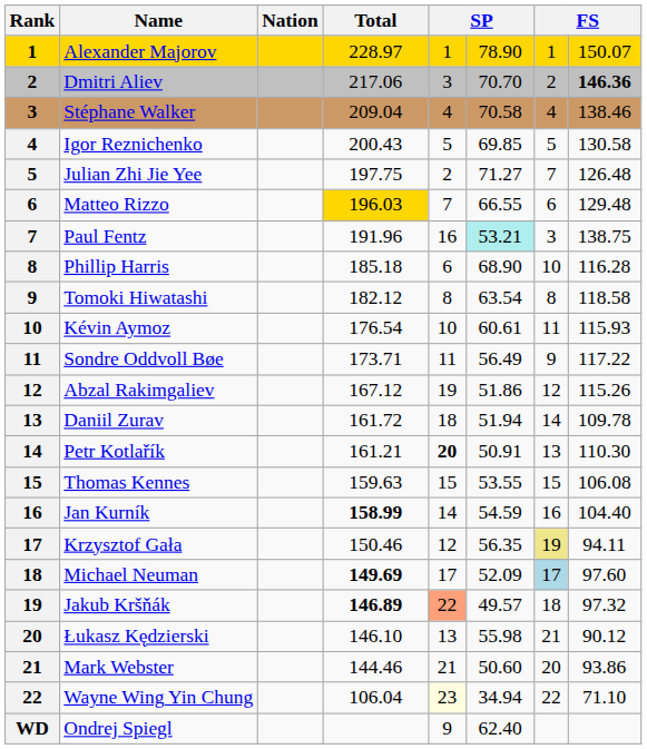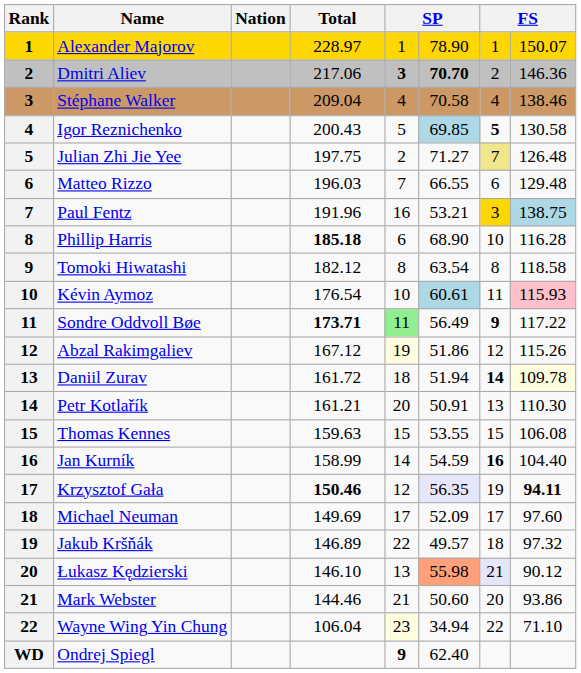 <table class="wikitable sortable">
 <tr>
 <th>Rank</th>
 <th>Name</th>
 <th>Nation</th>
 <th width="80px">Total</th>
 <th colspan="2" width="80px"><a href='#'>SP</a></th>
 <th colspan="2" width="80px"><a href='#'>FS</a></th>
 </tr>
 <tr bgcolor="gold">
 <td align="center"><strong>1</strong></td>
 <td><a href='#'>Alexander Majorov</a></td>
 <td></td>
 <td align="center">228.97</td>
 <td align="center">1</td>
 <td align="center">78.90</td>
 <td align="center">1</td>
 <td align="center">150.07</td>
 </tr>
 <tr bgcolor="silver">
 <td align="center"><strong>2</strong></td>
 <td><a href='#'>Dmitri Aliev</a></td>
 <td></td>
 <td align="center">217.06</td>
-<td align="center">3</td>
-<td align="center">70.70</td>
+<td align="center"><strong>3</strong></td>
+<td align="center"><strong>70.70</strong></td>
 <td align="center">2</td>
-<td align="center"><strong>146.36</strong></td>
+<td align="center">146.36</td>
 </tr>
 <tr bgcolor="cc9966">
 <td align="center"><strong>3</strong></td>
 <td><a href='#'>Stéphane Walker</a></td>
 <td></td>
 <td align="center">209.04</td>
 <td align="center">4</td>
 <td align="center">70.58</td>
 <td align="center">4</td>
 <td align="center">138.46</td>
 </tr>
 <tr>
 <th>4</th>
 <td><a href='#'>Igor Reznichenko</a></td>
 <td></td>
 <td align="center">200.43</td>
 <td align="center">5</td>
-<td align="center">69.85</td>
-<td align="center">5</td>
+<td align="center" style="background: lightblue;">69.85</td>
+<td align="center"><strong>5</strong></td>
 <td align="center">130.58</td>
 </tr>
 <tr>
 <th>5</th>
 <td><a href='#'>Julian Zhi Jie Yee</a></td>
 <td></td>
 <td align="center">197.75</td>
 <td align="center">2</td>
 <td align="center">71.27</td>
-<td align="center">7</td>
+<td align="center" style="background: khaki;">7</td>
 <td align="center">126.48</td>
 </tr>
 <tr>
 <th>6</th>
 <td><a href='#'>Matteo Rizzo</a></td>
 <td></td>
-<td align="center" style="background: gold;">196.03</td>
+<td align="center">196.03</td>
 <td align="center">7</td>
 <td align="center">66.55</td>
 <td align="center">6</td>
 <td align="center">129.48</td>
 </tr>
 <tr>
 <th>7</th>
 <td><a href='#'>Paul Fentz</a></td>
 <td></td>
 <td align="center">191.96</td>
 <td align="center">16</td>
-<td align="center" style="background: paleturquoise;">53.21</td>
-<td align="center">3</td>
-<td align="center">138.75</td>
+<td align="center">53.21</td>
+<td align="center" style="background: gold;">3</td>
+<td align="center" style="background: lightblue;">138.75</td>
 </tr>
 <tr>
 <th>8</th>
 <td><a href='#'>Phillip Harris</a></td>
 <td></td>
-<td align="center">185.18</td>
+<td align="center"><strong>185.18</strong></td>
 <td align="center">6</td>
 <td align="center">68.90</td>
 <td align="center">10</td>
 <td align="center">116.28</td>
 </tr>
 <tr>
 <th>9</th>
 <td><a href='#'>Tomoki Hiwatashi</a></td>
 <td></td>
 <td align="center">182.12</td>
 <td align="center">8</td>
 <td align="center">63.54</td>
 <td align="center">8</td>
 <td align="center">118.58</td>
 </tr>
 <tr>
 <th>10</th>
 <td><a href='#'>Kévin Aymoz</a></td>
 <td></td>
 <td align="center">176.54</td>
 <td align="center">10</td>
-<td align="center">60.61</td>
+<td align="center" style="background: lightblue;">60.61</td>
 <td align="center">11</td>
-<td align="center">115.93</td>
+<td align="center" style="background: pink;">115.93</td>
 </tr>
 <tr>
 <th>11</th>
 <td><a href='#'>Sondre Oddvoll Bøe</a></td>
 <td></td>
-<td align="center">173.71</td>
-<td align="center">11</td>
+<td align="center"><strong>173.71</strong></td>
+<td align="center" style="background: lightgreen;">11</td>
 <td align="center">56.49</td>
-<td align="center">9</td>
+<td align="center"><strong>9</strong></td>
 <td align="center">117.22</td>
 </tr>
 <tr>
 <th>12</th>
 <td><a href='#'>Abzal Rakimgaliev</a></td>
 <td></td>
 <td align="center">167.12</td>
-<td align="center">19</td>
+<td align="center" style="background: lightyellow;">19</td>
 <td align="center">51.86</td>
 <td align="center">12</td>
 <td align="center">115.26</td>
 </tr>
 <tr>
 <th>13</th>
 <td><a href='#'>Daniil Zurav</a></td>
 <td></td>
 <td align="center">161.72</td>
 <td align="center">18</td>
 <td align="center">51.94</td>
-<td align="center">14</td>
-<td align="center">109.78</td>
+<td align="center"><strong>14</strong></td>
+<td align="center" style="background: lightyellow;">109.78</td>
 </tr>
 <tr>
 <th>14</th>
 <td><a href='#'>Petr Kotlařík</a></td>
 <td></td>
 <td align="center">161.21</td>
-<td align="center"><strong>20</strong></td>
+<td align="center">20</td>
 <td align="center">50.91</td>
 <td align="center">13</td>
 <td align="center">110.30</td>
 </tr>
 <tr>
 <th>15</th>
 <td><a href='#'>Thomas Kennes</a></td>
 <td></td>
 <td align="center">159.63</td>
 <td align="center">15</td>
 <td align="center">53.55</td>
 <td align="center">15</td>
 <td align="center">106.08</td>
 </tr>
 <tr>
 <th>16</th>
 <td><a href='#'>Jan Kurník</a></td>
 <td></td>
-<td align="center"><strong>158.99</strong></td>
+<td align="center">158.99</td>
 <td align="center">14</td>
 <td align="center">54.59</td>
-<td align="center">16</td>
+<td align="center"><strong>16</strong></td>
 <td align="center">104.40</td>
 </tr>
 <tr>
 <th>17</th>
 <td><a href='#'>Krzysztof Gała</a></td>
 <td></td>
-<td align="center">150.46</td>
+<td align="center"><strong>150.46</strong></td>
 <td align="center">12</td>
-<td align="center">56.35</td>
-<td align="center" style="background: khaki;">19</td>
-<td align="center">94.11</td>
+<td align="center" style="background: lavender;">56.35</td>
+<td align="center">19</td>
+<td align="center"><strong>94.11</strong></td>
 </tr>
 <tr>
 <th>18</th>
 <td><a href='#'>Michael Neuman</a></td>
 <td></td>
-<td align="center"><strong>149.69</strong></td>
+<td align="center">149.69</td>
 <td align="center">17</td>
 <td align="center">52.09</td>
-<td align="center" style="background: lightblue;">17</td>
+<td align="center">17</td>
 <td align="center">97.60</td>
 </tr>
 <tr>
 <th>19</th>
 <td><a href='#'>Jakub Kršňák</a></td>
 <td></td>
-<td align="center"><strong>146.89</strong></td>
-<td align="center" style="background: lightsalmon;">22</td>
+<td align="center">146.89</td>
+<td align="center">22</td>
 <td align="center">49.57</td>
 <td align="center">18</td>
 <td align="center">97.32</td>
 </tr>
 <tr>
 <th>20</th>
 <td><a href='#'>Łukasz Kędzierski</a></td>
 <td></td>
 <td align="center">146.10</td>
 <td align="center">13</td>
-<td align="center">55.98</td>
-<td align="center">21</td>
+<td align="center" style="background: lightsalmon;">55.98</td>
+<td align="center" style="background: lavender;">21</td>
 <td align="center">90.12</td>
 </tr>
 <tr>
 <th>21</th>
 <td><a href='#'>Mark Webster</a></td>
 <td></td>
 <td align="center">144.46</td>
 <td align="center">21</td>
 <td align="center">50.60</td>
 <td align="center">20</td>
 <td align="center">93.86</td>
 </tr>
 <tr>
 <th>22</th>
 <td><a href='#'>Wayne Wing Yin Chung</a></td>
 <td></td>
 <td align="center">106.04</td>
 <td align="center" style="background: lightyellow;">23</td>
 <td align="center">34.94</td>
 <td align="center">22</td>
 <td align="center">71.10</td>
 </tr>
 <tr>
 <th>WD</th>
 <td><a href='#'>Ondrej Spiegl</a></td>
 <td></td>
 <td align="center"></td>
-<td align="center">9</td>
+<td align="center"><strong>9</strong></td>
 <td align="center">62.40</td>
 <td align="center"></td>
 <td align="center"></td>
 </tr>
 </table>
